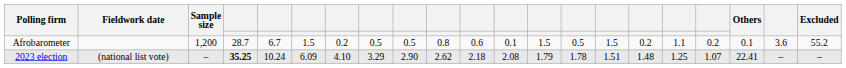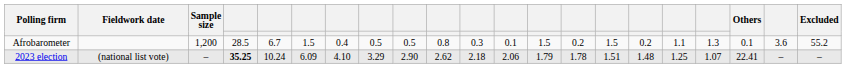 <table class="wikitable tpl-blanktable mw-collapsible" style="text-align:center;font-size:90%;line-height:14px;">
 <tr style="height:40px;">
 <th style="width:105px;" rowspan="2">Polling firm</th>
 <th style="width:165px;" rowspan="2">Fieldwork date</th>
 <th style="width:30px;" rowspan="2">Sample<br>size</th>
 <th class="unsortable" style="width:45px;"></th>
 <th class="unsortable" style="width:45px;"></th>
 <th class="unsortable" style="width:45px;"></th>
 <th class="unsortable" style="width:45px;"></th>
 <th class="unsortable" style="width:45px;"></th>
 <th class="unsortable" style="width:45px;"></th>
 <th class="unsortable" style="width:45px;"></th>
 <th class="unsortable" style="width:45px;"></th>
 <th class="unsortable" style="width:45px;"></th>
 <th class="unsortable" style="width:45px;"></th>
 <th class="unsortable" style="width:45px;"></th>
 <th class="unsortable" style="width:45px;"></th>
 <th class="unsortable" style="width:45px;"></th>
 <th class="unsortable" style="width:45px;"></th>
 <th class="unsortable" style="width:45px;"></th>
 <th class="unsortable" style="width:45px;" rowspan="2">Others</th>
 <th class="unsortable" style="width:45px;" rowspan="2"></th>
 <th class="unsortable" style="width:45px;" rowspan="2">Excluded</th>
 </tr>
 <tr>
 <th style="background:"></th>
 <th style="background:"></th>
 <th style="background:"></th>
 <th style="background:"></th>
 <th style="background:"></th>
 <th style="background:"></th>
 <th style="background:"></th>
 <th style="background:"></th>
 <th style="background:"></th>
 <th style="background:"></th>
 <th style="background:"></th>
 <th style="background:"></th>
 <th style="background:"></th>
 <th style="background:"></th>
 <th style="background:"></th>
 </tr>
 <tr>
 <td>Afrobarometer</td>
 <td></td>
 <td>1,200</td>
-<td>28.7</td>
+<td>28.5</td>
 <td>6.7</td>
 <td>1.5</td>
-<td>0.2</td>
+<td>0.4</td>
 <td>0.5</td>
 <td>0.5</td>
 <td>0.8</td>
-<td>0.6</td>
+<td>0.3</td>
 <td>0.1</td>
 <td>1.5</td>
-<td>0.5</td>
+<td>0.2</td>
 <td>1.5</td>
 <td>0.2</td>
 <td>1.1</td>
-<td>0.2</td>
+<td>1.3</td>
 <td>0.1</td>
 <td>3.6</td>
 <td>55.2</td>
 </tr>
 <tr style="background:#E9E9E9;">
 <td><a href='#'>2023 election</a></td>
 <td> (national list vote)</td>
 <td>–</td>
 <td><strong>35.25</strong></td>
 <td>10.24</td>
 <td>6.09</td>
 <td>4.10</td>
 <td>3.29</td>
 <td>2.90</td>
 <td>2.62</td>
 <td>2.18</td>
-<td>2.08</td>
+<td>2.06</td>
 <td>1.79</td>
 <td>1.78</td>
 <td>1.51</td>
 <td>1.48</td>
 <td>1.25</td>
 <td>1.07</td>
 <td>22.41</td>
 <td>–</td>
 <td>–</td>
 </tr>
 </table>
